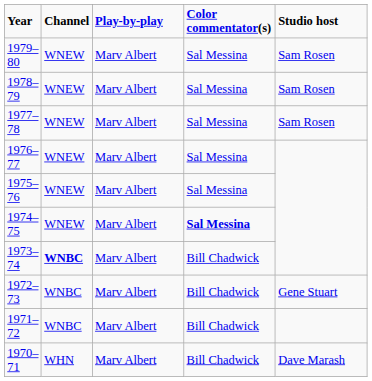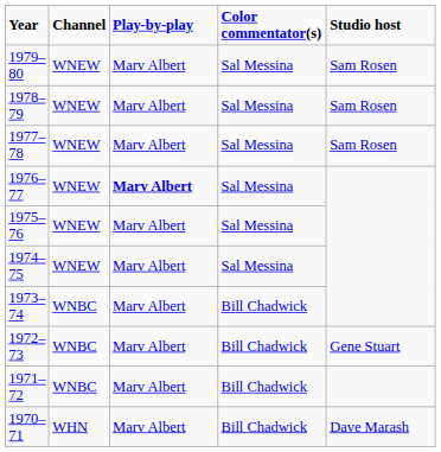 <table class="wikitable">
 <tr>
 <td width="40"><strong>Year</strong></td>
 <td width="40"><strong>Channel</strong></td>
 <td width="110"><strong><a href='#'>Play-by-play</a></strong></td>
 <td width="110"><strong><a href='#'>Color commentator</a>(s)</strong></td>
 <td width="110"><strong>Studio host</strong></td>
 </tr>
 <tr>
 <td><a href='#'>1979–80</a></td>
 <td><a href='#'>WNEW</a></td>
 <td><a href='#'>Marv Albert</a></td>
 <td><a href='#'>Sal Messina</a></td>
 <td><a href='#'>Sam Rosen</a></td>
 </tr>
 <tr>
 <td><a href='#'>1978–79</a></td>
 <td><a href='#'>WNEW</a></td>
 <td><a href='#'>Marv Albert</a></td>
 <td><a href='#'>Sal Messina</a></td>
 <td><a href='#'>Sam Rosen</a></td>
 </tr>
 <tr>
 <td><a href='#'>1977–78</a></td>
 <td><a href='#'>WNEW</a></td>
 <td><a href='#'>Marv Albert</a></td>
 <td><a href='#'>Sal Messina</a></td>
 <td><a href='#'>Sam Rosen</a></td>
 </tr>
 <tr>
 <td><a href='#'>1976–77</a></td>
 <td><a href='#'>WNEW</a></td>
-<td><a href='#'>Marv Albert</a></td>
+<td><strong><a href='#'>Marv Albert</a></strong></td>
 <td><a href='#'>Sal Messina</a></td>
 </tr>
 <tr>
 <td><a href='#'>1975–76</a></td>
 <td><a href='#'>WNEW</a></td>
 <td><a href='#'>Marv Albert</a></td>
 <td><a href='#'>Sal Messina</a></td>
 </tr>
 <tr>
 <td><a href='#'>1974–75</a></td>
 <td><a href='#'>WNEW</a></td>
 <td><a href='#'>Marv Albert</a></td>
-<td><strong><a href='#'>Sal Messina</a></strong></td>
+<td><a href='#'>Sal Messina</a></td>
 </tr>
 <tr>
 <td><a href='#'>1973–74</a></td>
-<td><strong><a href='#'>WNBC</a></strong></td>
+<td><a href='#'>WNBC</a></td>
 <td><a href='#'>Marv Albert</a></td>
 <td><a href='#'>Bill Chadwick</a></td>
 </tr>
 <tr>
 <td><a href='#'>1972–73</a></td>
 <td><a href='#'>WNBC</a></td>
 <td><a href='#'>Marv Albert</a></td>
 <td><a href='#'>Bill Chadwick</a></td>
 <td><a href='#'>Gene Stuart</a></td>
 </tr>
 <tr>
 <td><a href='#'>1971–72</a></td>
 <td><a href='#'>WNBC</a></td>
 <td><a href='#'>Marv Albert</a></td>
 <td><a href='#'>Bill Chadwick</a></td>
 </tr>
 <tr>
 <td><a href='#'>1970–71</a></td>
 <td><a href='#'>WHN</a></td>
 <td><a href='#'>Marv Albert</a></td>
 <td><a href='#'>Bill Chadwick</a></td>
 <td><a href='#'>Dave Marash</a></td>
 </tr>
 </table>
